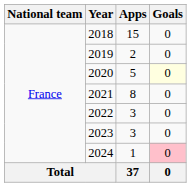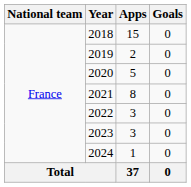 <table class="wikitable" style="text-align: center">
 <tr>
 <th>National team</th>
 <th>Year</th>
 <th>Apps</th>
 <th>Goals</th>
 </tr>
 <tr>
 <td rowspan="7"><a href='#'>France</a></td>
 <td>2018</td>
 <td>15</td>
 <td>0</td>
 </tr>
 <tr>
 <td>2019</td>
 <td>2</td>
 <td>0</td>
 </tr>
 <tr>
 <td>2020</td>
 <td>5</td>
-<td style="background: lightyellow;">0</td>
+<td>0</td>
 </tr>
 <tr>
 <td>2021</td>
 <td>8</td>
 <td>0</td>
 </tr>
 <tr>
 <td>2022</td>
 <td>3</td>
 <td>0</td>
 </tr>
 <tr>
 <td>2023</td>
 <td>3</td>
 <td>0</td>
 </tr>
 <tr>
 <td>2024</td>
 <td>1</td>
-<td style="background: pink;">0</td>
+<td>0</td>
 </tr>
 <tr>
 <th colspan="2">Total</th>
 <th>37</th>
 <th>0</th>
 </tr>
 </table>
